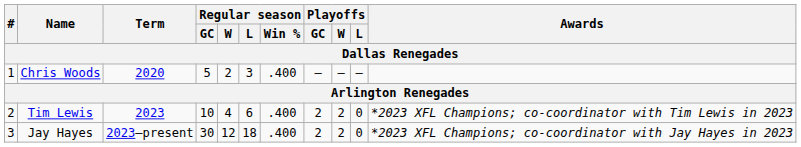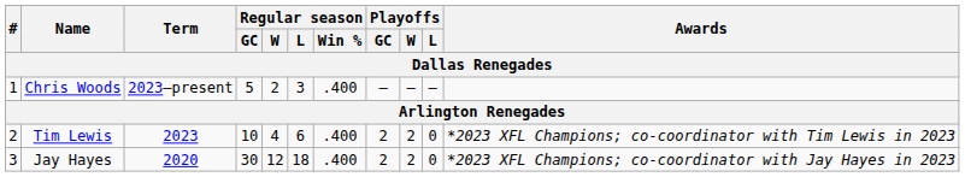 <table class="wikitable" style="text-align:center">
 <tr>
 <th rowspan="2">#</th>
 <th rowspan="2">Name</th>
 <th rowspan="2">Term</th>
 <th colspan="4">Regular season</th>
 <th colspan="3">Playoffs</th>
 <th rowspan="2">Awards</th>
 </tr>
 <tr>
 <th>GC</th>
 <th>W</th>
 <th>L</th>
 <th>Win %</th>
 <th>GC</th>
 <th>W</th>
 <th>L</th>
 </tr>
 <tr>
 <th colspan="11">Dallas Renegades</th>
 </tr>
 <tr>
 <td>1</td>
 <td><a href='#'>Chris Woods</a></td>
-<td><a href='#'>2020</a></td>
+<td><a href='#'>2023</a>–present</td>
 <td>5</td>
 <td>2</td>
 <td>3</td>
 <td>.400</td>
 <td>–</td>
 <td>–</td>
 <td>–</td>
 <td></td>
 </tr>
 <tr>
 <th colspan="11">Arlington Renegades</th>
 </tr>
 <tr>
 <td>2</td>
 <td><a href='#'>Tim Lewis</a></td>
 <td><a href='#'>2023</a></td>
 <td>10</td>
 <td>4</td>
 <td>6</td>
 <td>.400</td>
 <td>2</td>
 <td>2</td>
 <td>0</td>
 <td><em>*2023 XFL Champions; co-coordinator with Tim Lewis in 2023</em></td>
 </tr>
 <tr>
 <td>3</td>
 <td>Jay Hayes</td>
-<td><a href='#'>2023</a>–present</td>
+<td><a href='#'>2020</a></td>
 <td>30</td>
 <td>12</td>
 <td>18</td>
 <td>.400</td>
 <td>2</td>
 <td>2</td>
 <td>0</td>
 <td><em>*2023 XFL Champions; co-coordinator with Jay Hayes in 2023</em></td>
 </tr>
 </table>
